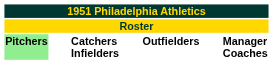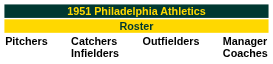 <table class="toccolours" style="font-size: 95%;">
 <tr>
 <th colspan="10" style="background-color: #003831; color: #FFD800; text-align: center;">1951 Philadelphia Athletics</th>
 </tr>
 <tr>
 <td colspan="10" style="background-color: #FFD800; color: #003831; text-align: center;"><strong>Roster</strong></td>
 </tr>
 <tr>
-<td valign="top" style="background: lightgreen;"><strong>Pitchers</strong><br>            </td>
+<td valign="top"><strong>Pitchers</strong><br>            </td>
 <td width="25px"></td>
 <td valign="top"><strong>Catchers</strong><br>   <strong>Infielders</strong>          </td>
 <td width="25px"></td>
 <td valign="top"><strong>Outfielders</strong><br>       </td>
 <td width="25px"></td>
 <td valign="top"><strong>Manager</strong><br> <strong>Coaches</strong>    </td>
 </tr>
 </table>
